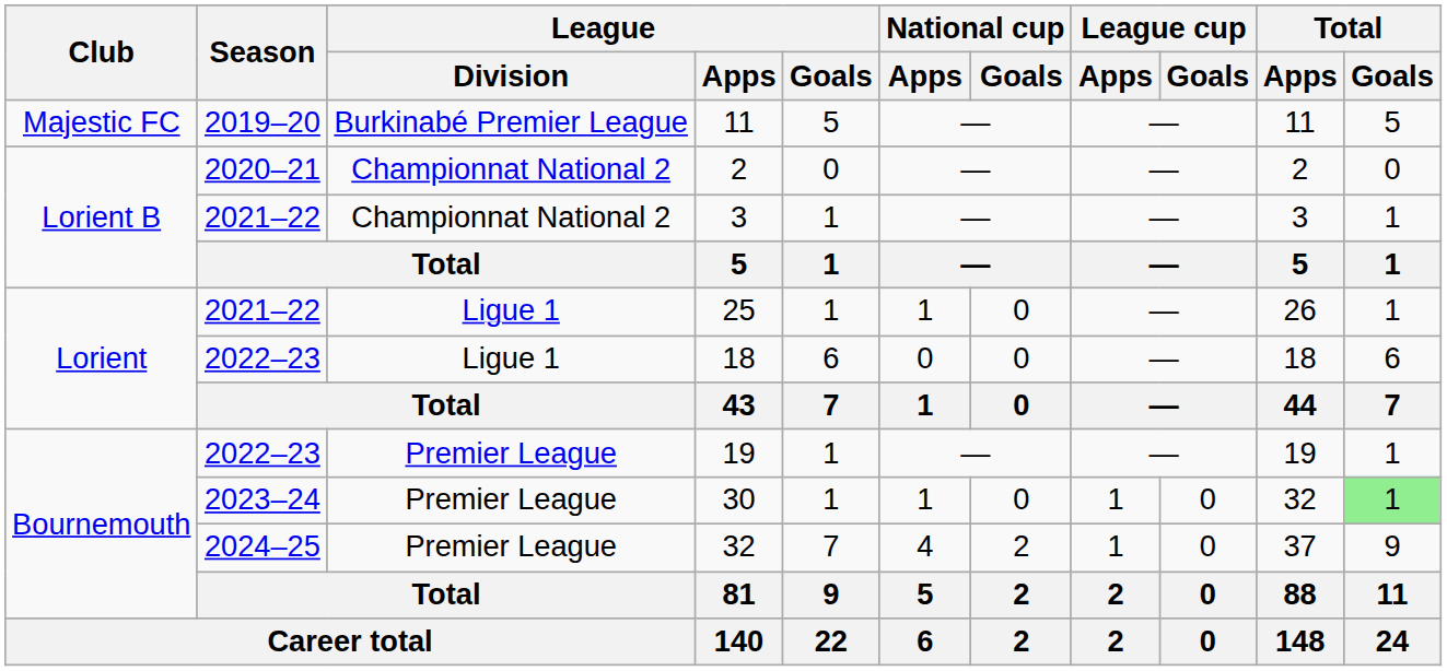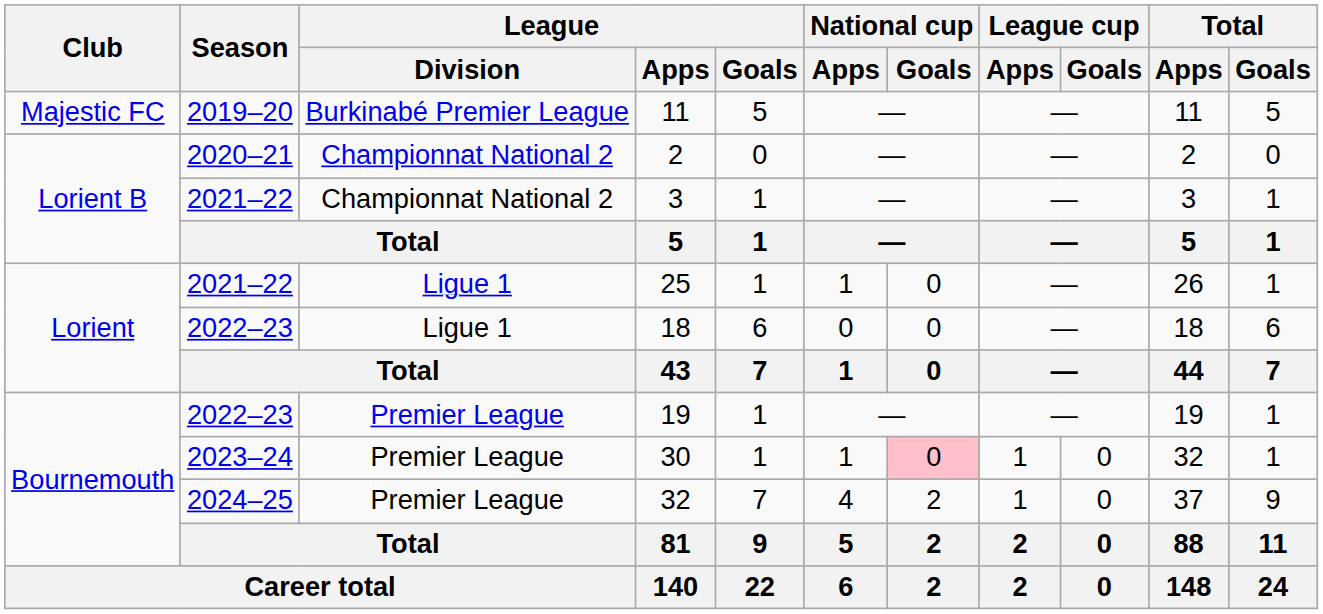 <table class="wikitable" style="text-align: center;">
 <tr>
 <th rowspan="2">Club</th>
 <th rowspan="2">Season</th>
 <th colspan="3">League</th>
 <th colspan="2">National cup</th>
 <th colspan="2">League cup</th>
 <th colspan="2">Total</th>
 </tr>
 <tr>
 <th>Division</th>
 <th>Apps</th>
 <th>Goals</th>
 <th>Apps</th>
 <th>Goals</th>
 <th>Apps</th>
 <th>Goals</th>
 <th>Apps</th>
 <th>Goals</th>
 </tr>
 <tr>
 <td><a href='#'>Majestic FC</a></td>
 <td><a href='#'>2019–20</a></td>
 <td><a href='#'>Burkinabé Premier League</a></td>
 <td>11</td>
 <td>5</td>
 <td colspan="2">—</td>
 <td colspan="2">—</td>
 <td>11</td>
 <td>5</td>
 </tr>
 <tr>
 <td rowspan="3"><a href='#'>Lorient B</a></td>
 <td><a href='#'>2020–21</a></td>
 <td><a href='#'>Championnat National 2</a></td>
 <td>2</td>
 <td>0</td>
 <td colspan="2">—</td>
 <td colspan="2">—</td>
 <td>2</td>
 <td>0</td>
 </tr>
 <tr>
 <td><a href='#'>2021–22</a></td>
 <td>Championnat National 2</td>
 <td>3</td>
 <td>1</td>
 <td colspan="2">—</td>
 <td colspan="2">—</td>
 <td>3</td>
 <td>1</td>
 </tr>
 <tr>
 <th colspan="2">Total</th>
 <th>5</th>
 <th>1</th>
 <th colspan="2">—</th>
 <th colspan="2">—</th>
 <th>5</th>
 <th>1</th>
 </tr>
 <tr>
 <td rowspan="3"><a href='#'>Lorient</a></td>
 <td><a href='#'>2021–22</a></td>
 <td><a href='#'>Ligue 1</a></td>
 <td>25</td>
 <td>1</td>
 <td>1</td>
 <td>0</td>
 <td colspan="2">—</td>
 <td>26</td>
 <td>1</td>
 </tr>
 <tr>
 <td><a href='#'>2022–23</a></td>
 <td>Ligue 1</td>
 <td>18</td>
 <td>6</td>
 <td>0</td>
 <td>0</td>
 <td colspan="2">—</td>
 <td>18</td>
 <td>6</td>
 </tr>
 <tr>
 <th colspan="2">Total</th>
 <th>43</th>
 <th>7</th>
 <th>1</th>
 <th>0</th>
 <th colspan="2">—</th>
 <th>44</th>
 <th>7</th>
 </tr>
 <tr>
 <td rowspan="4"><a href='#'>Bournemouth</a></td>
 <td><a href='#'>2022–23</a></td>
 <td><a href='#'>Premier League</a></td>
 <td>19</td>
 <td>1</td>
 <td colspan="2">—</td>
 <td colspan="2">—</td>
 <td>19</td>
 <td>1</td>
 </tr>
 <tr>
 <td><a href='#'>2023–24</a></td>
 <td>Premier League</td>
 <td>30</td>
 <td>1</td>
 <td>1</td>
-<td>0</td>
+<td style="background: pink;">0</td>
 <td>1</td>
 <td>0</td>
 <td>32</td>
-<td style="background: lightgreen;">1</td>
+<td>1</td>
 </tr>
 <tr>
 <td><a href='#'>2024–25</a></td>
 <td>Premier League</td>
 <td>32</td>
 <td>7</td>
 <td>4</td>
 <td>2</td>
 <td>1</td>
 <td>0</td>
 <td>37</td>
 <td>9</td>
 </tr>
 <tr>
 <th colspan="2">Total</th>
 <th>81</th>
 <th>9</th>
 <th>5</th>
 <th>2</th>
 <th>2</th>
 <th>0</th>
 <th>88</th>
 <th>11</th>
 </tr>
 <tr>
 <th colspan="3">Career total</th>
 <th>140</th>
 <th>22</th>
 <th>6</th>
 <th>2</th>
 <th>2</th>
 <th>0</th>
 <th>148</th>
 <th>24</th>
 </tr>
 </table>
